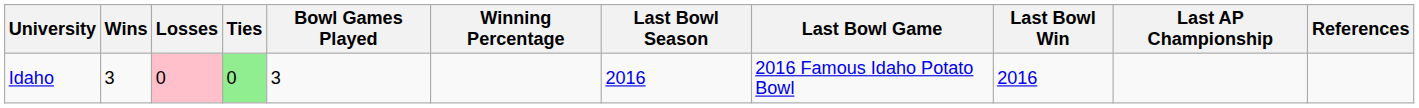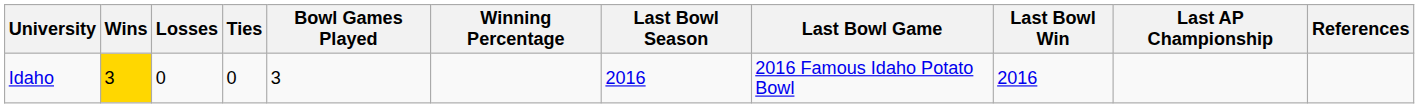 <table class="wikitable sortable">
 <tr>
 <th>University</th>
 <th>Wins</th>
 <th>Losses</th>
 <th>Ties</th>
 <th>Bowl Games Played</th>
 <th>Winning Percentage</th>
 <th>Last Bowl Season</th>
 <th>Last Bowl Game</th>
 <th>Last Bowl Win</th>
 <th>Last AP Championship</th>
 <th>References</th>
 </tr>
 <tr>
 <td><a href='#'>Idaho</a> </td>
-<td>3</td>
-<td style="background: pink;">0</td>
-<td style="background: lightgreen;">0</td>
+<td style="background: gold;">3</td>
+<td>0</td>
+<td>0</td>
 <td>3</td>
 <td></td>
 <td><a href='#'>2016</a></td>
 <td><a href='#'>2016 Famous Idaho Potato Bowl</a></td>
 <td><a href='#'>2016</a></td>
 <td></td>
 </tr>
 </table>
